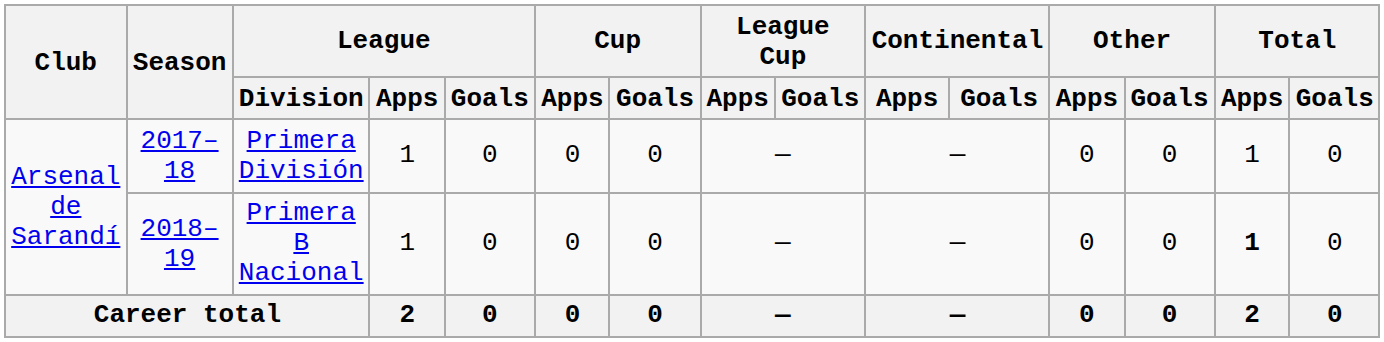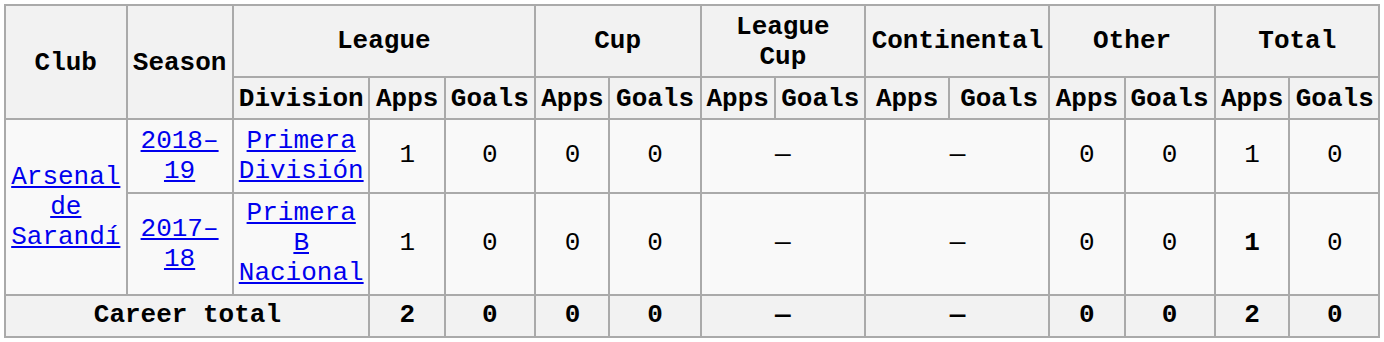 <table class="wikitable" style="text-align:center">
 <tr>
 <th rowspan="2">Club</th>
 <th rowspan="2">Season</th>
 <th colspan="3">League</th>
 <th colspan="2">Cup</th>
 <th colspan="2">League Cup</th>
 <th colspan="2">Continental</th>
 <th colspan="2">Other</th>
 <th colspan="2">Total</th>
 </tr>
 <tr>
 <th>Division</th>
 <th>Apps</th>
 <th>Goals</th>
 <th>Apps</th>
 <th>Goals</th>
 <th>Apps</th>
 <th>Goals</th>
 <th>Apps</th>
 <th>Goals</th>
 <th>Apps</th>
 <th>Goals</th>
 <th>Apps</th>
 <th>Goals</th>
 </tr>
 <tr>
 <td rowspan="2"><a href='#'>Arsenal de Sarandí</a></td>
-<td><a href='#'>2017–18</a></td>
+<td><a href='#'>2018–19</a></td>
 <td rowspan="1"><a href='#'>Primera División</a></td>
 <td>1</td>
 <td>0</td>
 <td>0</td>
 <td>0</td>
 <td colspan="2">—</td>
 <td colspan="2">—</td>
 <td>0</td>
 <td>0</td>
 <td>1</td>
 <td>0</td>
 </tr>
 <tr>
-<td><a href='#'>2018–19</a></td>
+<td><a href='#'>2017–18</a></td>
 <td rowspan="1"><a href='#'>Primera B Nacional</a></td>
 <td>1</td>
 <td>0</td>
 <td>0</td>
 <td>0</td>
 <td colspan="2">—</td>
 <td colspan="2">—</td>
 <td>0</td>
 <td>0</td>
 <td><strong>1</strong></td>
 <td>0</td>
 </tr>
 <tr>
 <th colspan="3">Career total</th>
 <th>2</th>
 <th>0</th>
 <th>0</th>
 <th>0</th>
 <th colspan="2">—</th>
 <th colspan="2">—</th>
 <th>0</th>
 <th>0</th>
 <th>2</th>
 <th>0</th>
 </tr>
 </table>
